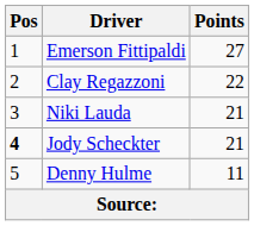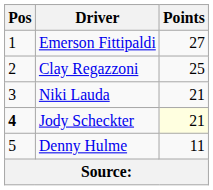 <table class="wikitable" style="font-size: 95%;">
 <tr>
 <th>Pos</th>
 <th>Driver</th>
 <th>Points</th>
 </tr>
 <tr>
 <td>1</td>
 <td> <a href='#'>Emerson Fittipaldi</a></td>
 <td align="right">27</td>
 </tr>
 <tr>
 <td>2</td>
 <td> <a href='#'>Clay Regazzoni</a></td>
-<td align="right">22</td>
+<td align="right">25</td>
 </tr>
 <tr>
 <td>3</td>
 <td> <a href='#'>Niki Lauda</a></td>
 <td align="right">21</td>
 </tr>
 <tr>
 <td><strong>4</strong></td>
 <td> <a href='#'>Jody Scheckter</a></td>
-<td align="right">21</td>
+<td align="right" style="background: lightyellow;">21</td>
 </tr>
 <tr>
 <td>5</td>
 <td> <a href='#'>Denny Hulme</a></td>
 <td align="right">11</td>
 </tr>
 <tr>
 <th colspan=4>Source:</th>
 </tr>
 </table>
